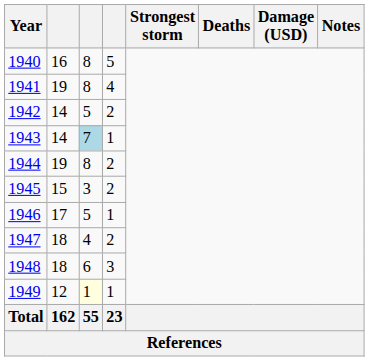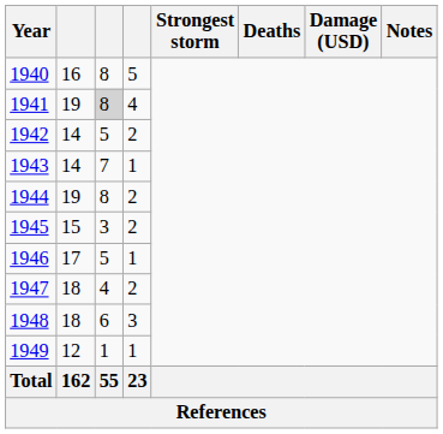 <table class="wikitable sortable">
 <tr>
 <th>Year</th>
 <th></th>
 <th></th>
 <th></th>
 <th>Strongest<br>storm</th>
 <th>Deaths</th>
 <th>Damage<br>(USD)</th>
 <th>Notes</th>
 </tr>
 <tr>
 <td><a href='#'>1940</a></td>
 <td>16</td>
 <td>8</td>
 <td>5</td>
 </tr>
 <tr>
 <td><a href='#'>1941</a></td>
 <td>19</td>
-<td>8</td>
+<td style="background: lightgrey;">8</td>
 <td>4</td>
 </tr>
 <tr>
 <td><a href='#'>1942</a></td>
 <td>14</td>
 <td>5</td>
 <td>2</td>
 </tr>
 <tr>
 <td><a href='#'>1943</a></td>
 <td>14</td>
-<td style="background: lightblue;">7</td>
+<td>7</td>
 <td>1</td>
 </tr>
 <tr>
 <td><a href='#'>1944</a></td>
 <td>19</td>
 <td>8</td>
 <td>2</td>
 </tr>
 <tr>
 <td><a href='#'>1945</a></td>
 <td>15</td>
 <td>3</td>
 <td>2</td>
 </tr>
 <tr>
 <td><a href='#'>1946</a></td>
 <td>17</td>
 <td>5</td>
 <td>1</td>
 </tr>
 <tr>
 <td><a href='#'>1947</a></td>
 <td>18</td>
 <td>4</td>
 <td>2</td>
 </tr>
 <tr>
 <td><a href='#'>1948</a></td>
 <td>18</td>
 <td>6</td>
 <td>3</td>
 </tr>
 <tr>
 <td><a href='#'>1949</a></td>
 <td>12</td>
-<td style="background: lightyellow;">1</td>
+<td>1</td>
 <td>1</td>
 </tr>
 <tr>
 <th>Total</th>
 <th>162</th>
 <th>55</th>
 <th>23</th>
 <th colspan="4"></th>
 </tr>
 <tr class="unsortable">
 <th colspan="8">References</th>
 </tr>
 </table>
